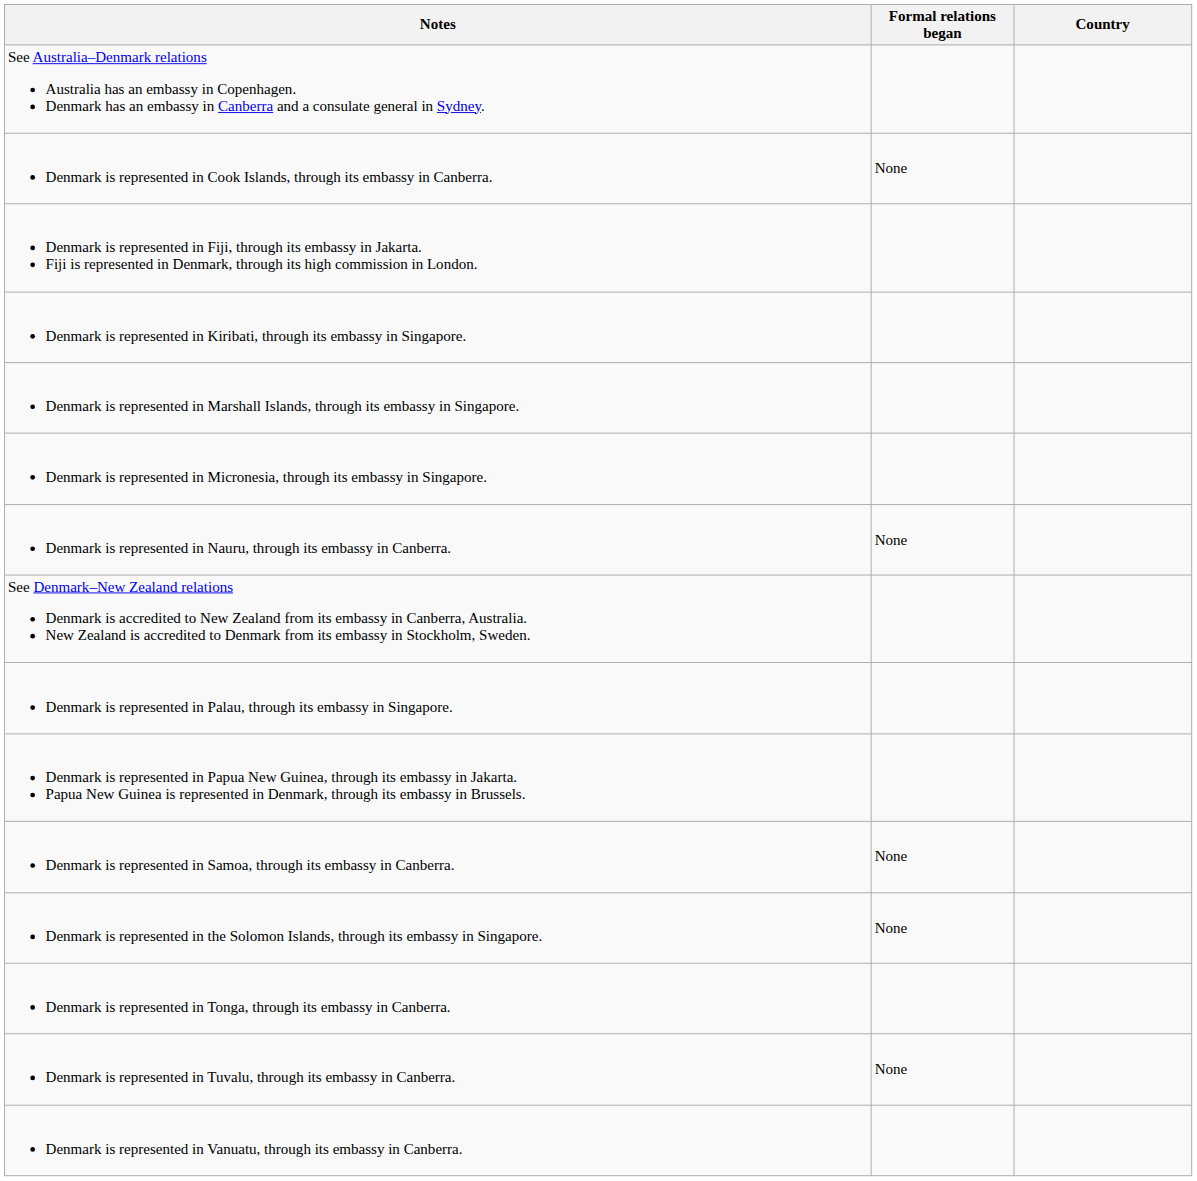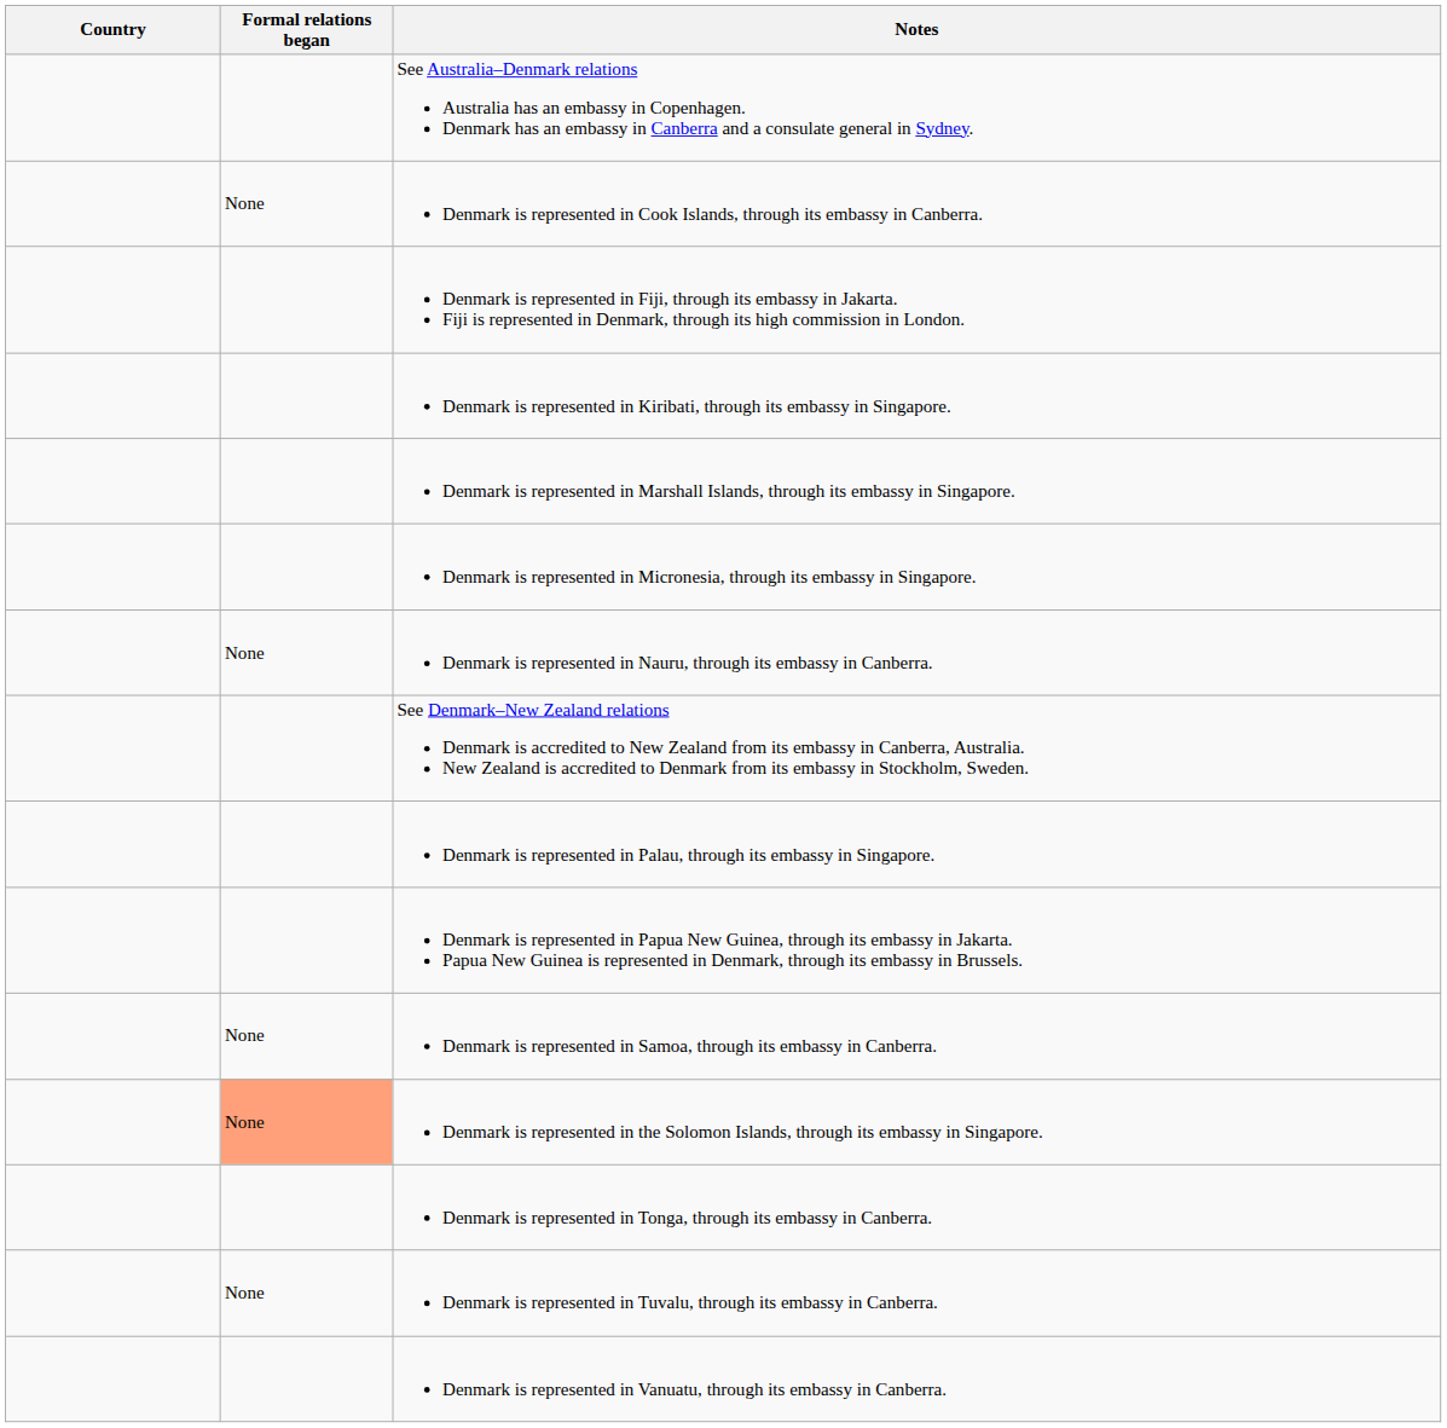 <table class="wikitable sortable" border="1" style="width:100%; margin:auto;">
 <tr>
+<th width="15%">Country</th>
+<th width="12%">Formal relations began</th>
 <th>Notes</th>
-<th width="12%">Formal relations began</th>
-<th width="15%">Country</th>
 </tr>
 <tr -valign="top">
-<td>See <a href='#'>Australia–Denmark relations</a><br><ul><li>Australia has an embassy in Copenhagen.</li><li>Denmark has an embassy in <a href='#'>Canberra</a> and a consulate general in <a href='#'>Sydney</a>.</li></ul></td>
 <td></td>
 <td></td>
+<td>See <a href='#'>Australia–Denmark relations</a><br><ul><li>Australia has an embassy in Copenhagen.</li><li>Denmark has an embassy in <a href='#'>Canberra</a> and a consulate general in <a href='#'>Sydney</a>.</li></ul></td>
 </tr>
 <tr -valign="top">
+<td></td>
+<td>None</td>
 <td><br><ul><li>Denmark is represented in Cook Islands, through its embassy in Canberra.</li></ul></td>
-<td>None</td>
-<td></td>
 </tr>
 <tr -valign="top">
-<td><br><ul><li>Denmark is represented in Fiji, through its embassy in Jakarta.</li><li>Fiji is represented in Denmark, through its high commission in London.</li></ul></td>
 <td></td>
 <td></td>
+<td><br><ul><li>Denmark is represented in Fiji, through its embassy in Jakarta.</li><li>Fiji is represented in Denmark, through its high commission in London.</li></ul></td>
 </tr>
 <tr -valign="top">
-<td><br><ul><li>Denmark is represented in Kiribati, through its embassy in Singapore.</li></ul></td>
 <td></td>
 <td></td>
+<td><br><ul><li>Denmark is represented in Kiribati, through its embassy in Singapore.</li></ul></td>
 </tr>
 <tr -valign="top">
-<td><br><ul><li>Denmark is represented in Marshall Islands, through its embassy in Singapore.</li></ul></td>
 <td></td>
 <td></td>
+<td><br><ul><li>Denmark is represented in Marshall Islands, through its embassy in Singapore.</li></ul></td>
 </tr>
 <tr -valign="top">
-<td><br><ul><li>Denmark is represented in Micronesia, through its embassy in Singapore.</li></ul></td>
 <td></td>
 <td></td>
+<td><br><ul><li>Denmark is represented in Micronesia, through its embassy in Singapore.</li></ul></td>
 </tr>
 <tr -valign="top">
+<td></td>
+<td>None</td>
 <td><br><ul><li>Denmark is represented in Nauru, through its embassy in Canberra.</li></ul></td>
-<td>None</td>
-<td></td>
 </tr>
 <tr -valign="top">
-<td>See <a href='#'>Denmark–New Zealand relations</a><br><ul><li>Denmark is accredited to New Zealand from its embassy in Canberra, Australia.</li><li>New Zealand is accredited to Denmark from its embassy in Stockholm, Sweden.</li></ul></td>
 <td></td>
 <td></td>
+<td>See <a href='#'>Denmark–New Zealand relations</a><br><ul><li>Denmark is accredited to New Zealand from its embassy in Canberra, Australia.</li><li>New Zealand is accredited to Denmark from its embassy in Stockholm, Sweden.</li></ul></td>
 </tr>
 <tr -valign="top">
-<td><br><ul><li>Denmark is represented in Palau, through its embassy in Singapore.</li></ul></td>
 <td></td>
 <td></td>
+<td><br><ul><li>Denmark is represented in Palau, through its embassy in Singapore.</li></ul></td>
 </tr>
 <tr -valign="top">
-<td><br><ul><li>Denmark is represented in Papua New Guinea, through its embassy in Jakarta.</li><li>Papua New Guinea is represented in Denmark, through its embassy in Brussels.</li></ul></td>
 <td></td>
 <td></td>
+<td><br><ul><li>Denmark is represented in Papua New Guinea, through its embassy in Jakarta.</li><li>Papua New Guinea is represented in Denmark, through its embassy in Brussels.</li></ul></td>
 </tr>
 <tr -valign="top">
+<td></td>
+<td>None</td>
 <td><br><ul><li>Denmark is represented in Samoa, through its embassy in Canberra.</li></ul></td>
-<td>None</td>
-<td></td>
 </tr>
 <tr -valign="top">
+<td></td>
+<td style="background: lightsalmon;">None</td>
 <td><br><ul><li>Denmark is represented in the Solomon Islands, through its embassy in Singapore.</li></ul></td>
-<td>None</td>
-<td></td>
 </tr>
 <tr -valign="top">
-<td><br><ul><li>Denmark is represented in Tonga, through its embassy in Canberra.</li></ul></td>
 <td></td>
 <td></td>
+<td><br><ul><li>Denmark is represented in Tonga, through its embassy in Canberra.</li></ul></td>
 </tr>
 <tr -valign="top">
+<td></td>
+<td>None</td>
 <td><br><ul><li>Denmark is represented in Tuvalu, through its embassy in Canberra.</li></ul></td>
-<td>None</td>
-<td></td>
 </tr>
 <tr -valign="top">
-<td><br><ul><li>Denmark is represented in Vanuatu, through its embassy in Canberra.</li></ul></td>
 <td></td>
 <td></td>
+<td><br><ul><li>Denmark is represented in Vanuatu, through its embassy in Canberra.</li></ul></td>
 </tr>
 </table>
